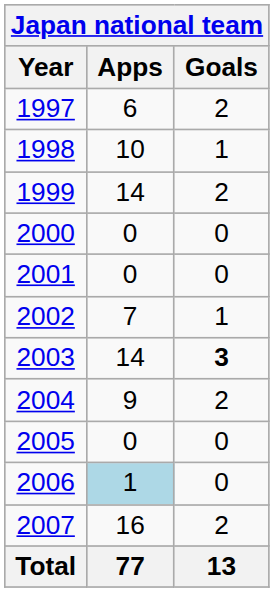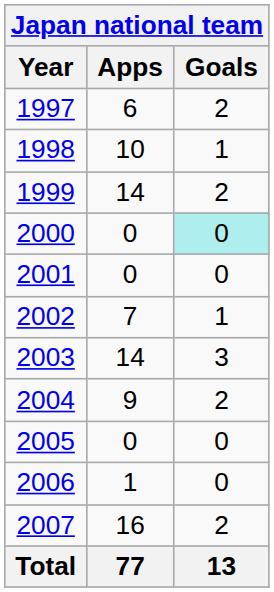 <table class="wikitable" style="text-align:center">
 <tr>
 <th colspan=3><a href='#'>Japan national team</a></th>
 </tr>
 <tr>
 <th>Year</th>
 <th>Apps</th>
 <th>Goals</th>
 </tr>
 <tr>
 <td><a href='#'>1997</a></td>
 <td>6</td>
 <td>2</td>
 </tr>
 <tr>
 <td><a href='#'>1998</a></td>
 <td>10</td>
 <td>1</td>
 </tr>
 <tr>
 <td><a href='#'>1999</a></td>
 <td>14</td>
 <td>2</td>
 </tr>
 <tr>
 <td><a href='#'>2000</a></td>
 <td>0</td>
-<td>0</td>
+<td style="background: paleturquoise;">0</td>
 </tr>
 <tr>
 <td><a href='#'>2001</a></td>
 <td>0</td>
 <td>0</td>
 </tr>
 <tr>
 <td><a href='#'>2002</a></td>
 <td>7</td>
 <td>1</td>
 </tr>
 <tr>
 <td><a href='#'>2003</a></td>
 <td>14</td>
-<td><strong>3</strong></td>
+<td>3</td>
 </tr>
 <tr>
 <td><a href='#'>2004</a></td>
 <td>9</td>
 <td>2</td>
 </tr>
 <tr>
 <td><a href='#'>2005</a></td>
 <td>0</td>
 <td>0</td>
 </tr>
 <tr>
 <td><a href='#'>2006</a></td>
-<td style="background: lightblue;">1</td>
+<td>1</td>
 <td>0</td>
 </tr>
 <tr>
 <td><a href='#'>2007</a></td>
 <td>16</td>
 <td>2</td>
 </tr>
 <tr>
 <th>Total</th>
 <th>77</th>
 <th>13</th>
 </tr>
 </table>
